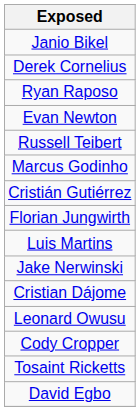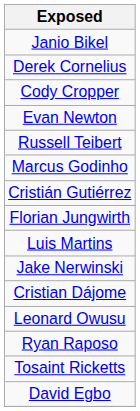 <table class="wikitable" style="text-align:center">
 <tr>
 <th>Exposed</th>
 </tr>
 <tr>
 <td><a href='#'>Janio Bikel</a></td>
 </tr>
 <tr>
 <td><a href='#'>Derek Cornelius</a></td>
 </tr>
 <tr>
-<td><a href='#'>Ryan Raposo</a></td>
+<td><a href='#'>Cody Cropper</a></td>
 </tr>
 <tr>
 <td><a href='#'>Evan Newton</a></td>
 </tr>
 <tr>
 <td><a href='#'>Russell Teibert</a></td>
 </tr>
 <tr>
 <td><a href='#'>Marcus Godinho</a></td>
 </tr>
 <tr>
 <td><a href='#'>Cristián Gutiérrez</a></td>
 </tr>
 <tr>
 <td><a href='#'>Florian Jungwirth</a></td>
 </tr>
 <tr>
 <td><a href='#'>Luis Martins</a></td>
 </tr>
 <tr>
 <td><a href='#'>Jake Nerwinski</a></td>
 </tr>
 <tr>
 <td><a href='#'>Cristian Dájome</a></td>
 </tr>
 <tr>
 <td><a href='#'>Leonard Owusu</a></td>
 </tr>
 <tr>
-<td><a href='#'>Cody Cropper</a></td>
+<td><a href='#'>Ryan Raposo</a></td>
 </tr>
 <tr>
 <td><a href='#'>Tosaint Ricketts</a></td>
 </tr>
 <tr>
 <td><a href='#'>David Egbo</a></td>
 </tr>
 <tr>
 </tr>
 </table>
